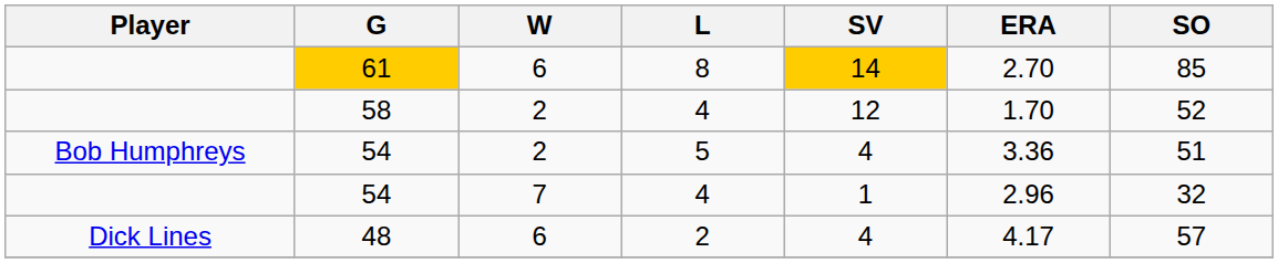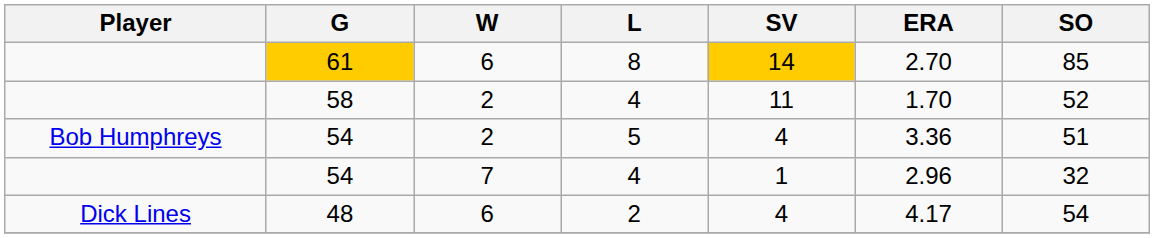 <table class="wikitable sortable">
 <tr>
 <th bgcolor="#DDDDFF" width="16%">Player</th>
 <th bgcolor="#DDDDFF" width="9%">G</th>
 <th bgcolor="#DDDDFF" width="9%">W</th>
 <th bgcolor="#DDDDFF" width="9%">L</th>
 <th bgcolor="#DDDDFF" width="9%">SV</th>
 <th bgcolor="#DDDDFF" width="9%">ERA</th>
 <th bgcolor="#DDDDFF" width="9%">SO</th>
 </tr>
 <tr align="center">
 <td></td>
 <td style="background:#fc0;">61</td>
 <td>6</td>
 <td>8</td>
 <td style="background:#fc0;">14</td>
 <td>2.70</td>
 <td>85</td>
 </tr>
 <tr align="center">
 <td></td>
 <td>58</td>
 <td>2</td>
 <td>4</td>
-<td>12</td>
+<td>11</td>
 <td>1.70</td>
 <td>52</td>
 </tr>
 <tr align="center">
 <td><a href='#'>Bob Humphreys</a></td>
 <td>54</td>
 <td>2</td>
 <td>5</td>
 <td>4</td>
 <td>3.36</td>
 <td>51</td>
 </tr>
 <tr align="center">
 <td></td>
 <td>54</td>
 <td>7</td>
 <td>4</td>
 <td>1</td>
 <td>2.96</td>
 <td>32</td>
 </tr>
 <tr align="center">
 <td><a href='#'>Dick Lines</a></td>
 <td>48</td>
 <td>6</td>
 <td>2</td>
 <td>4</td>
 <td>4.17</td>
-<td>57</td>
+<td>54</td>
 </tr>
 <tr align="center">
 </tr>
 </table>
